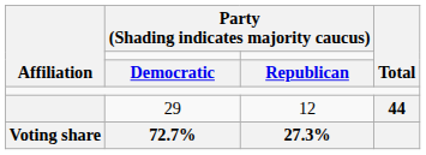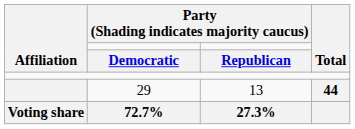 <table class=wikitable style="text-align:center">
 <tr style="vertical-align:bottom;">
 <th rowspan=3>Affiliation</th>
 <th colspan=2>Party <div>(Shading indicates majority caucus)</div></th>
 <th rowspan=3>Total</th>
 </tr>
 <tr style="height:5px">
 <td style="background-color:"></td>
 <td style="background-color:"></td>
 </tr>
 <tr>
 <th><a href='#'>Democratic</a></th>
 <th><a href='#'>Republican</a></th>
 </tr>
 <tr>
 <td colspan=5></td>
 </tr>
 <tr>
 <th nowrap style="font-size:80%"></th>
 <td>29</td>
-<td>12</td>
+<td>13</td>
 <th>44</th>
 </tr>
 <tr>
 <th>Voting share</th>
 <th>72.7%</th>
 <th>27.3% </th>
 <th colspan=2></th>
 </tr>
 </table>
